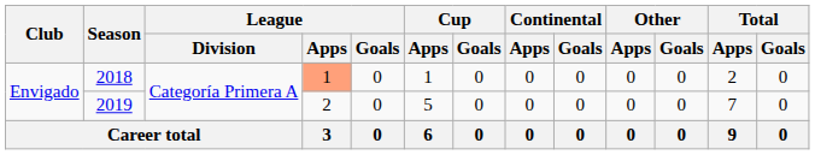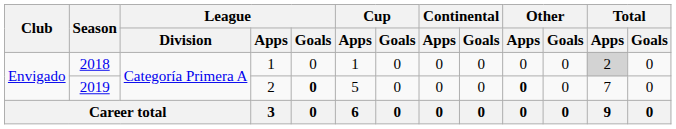 <table class="wikitable" style="text-align: center">
 <tr>
 <th rowspan="2">Club</th>
 <th rowspan="2">Season</th>
 <th colspan="3">League</th>
 <th colspan="2">Cup</th>
 <th colspan="2">Continental</th>
 <th colspan="2">Other</th>
 <th colspan="2">Total</th>
 </tr>
 <tr>
 <th>Division</th>
 <th>Apps</th>
 <th>Goals</th>
 <th>Apps</th>
 <th>Goals</th>
 <th>Apps</th>
 <th>Goals</th>
 <th>Apps</th>
 <th>Goals</th>
 <th>Apps</th>
 <th>Goals</th>
 </tr>
 <tr>
 <td rowspan="2"><a href='#'>Envigado</a></td>
 <td><a href='#'>2018</a></td>
 <td rowspan="2"><a href='#'>Categoría Primera A</a></td>
-<td style="background: lightsalmon;">1</td>
+<td>1</td>
 <td>0</td>
 <td>1</td>
 <td>0</td>
 <td>0</td>
 <td>0</td>
 <td>0</td>
 <td>0</td>
-<td>2</td>
+<td style="background: lightgrey;">2</td>
 <td>0</td>
 </tr>
 <tr>
 <td><a href='#'>2019</a></td>
 <td>2</td>
-<td>0</td>
+<td><strong>0</strong></td>
 <td>5</td>
 <td>0</td>
 <td>0</td>
 <td>0</td>
-<td>0</td>
+<td><strong>0</strong></td>
 <td>0</td>
 <td>7</td>
 <td>0</td>
 </tr>
 <tr>
 <th colspan="3"><strong>Career total</strong></th>
 <th>3</th>
 <th>0</th>
 <th>6</th>
 <th>0</th>
 <th>0</th>
 <th>0</th>
 <th>0</th>
 <th>0</th>
 <th>9</th>
 <th>0</th>
 </tr>
 </table>
